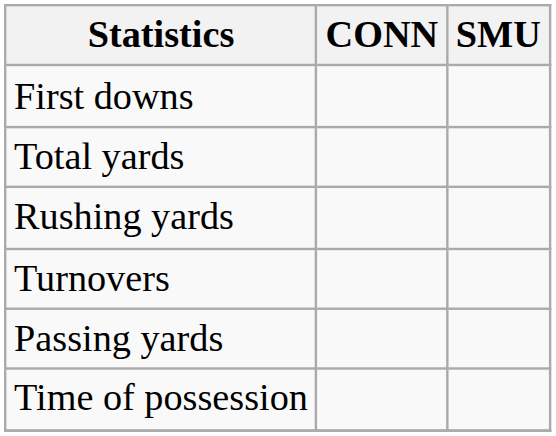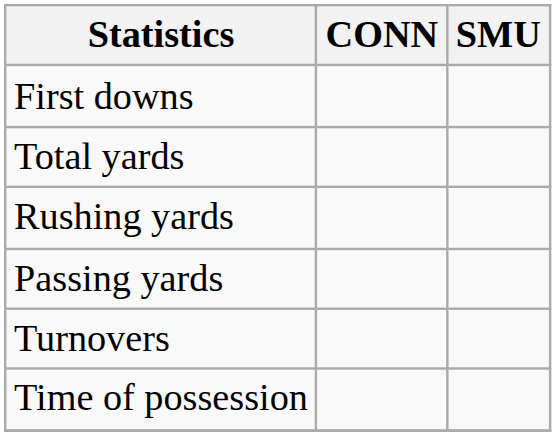 <table class="wikitable">
 <tr>
 <th>Statistics</th>
 <th>CONN</th>
 <th>SMU</th>
 </tr>
 <tr>
 <td>First downs</td>
 <td></td>
 <td></td>
 </tr>
 <tr>
 <td>Total yards</td>
 <td></td>
 <td></td>
 </tr>
 <tr>
 <td>Rushing yards</td>
 <td></td>
 <td></td>
 </tr>
 <tr>
-<td>Turnovers</td>
+<td>Passing yards</td>
 <td></td>
 <td></td>
 </tr>
 <tr>
-<td>Passing yards</td>
+<td>Turnovers</td>
 <td></td>
 <td></td>
 </tr>
 <tr>
 <td>Time of possession</td>
 <td></td>
 <td></td>
 </tr>
 <tr>
 </tr>
 </table>
